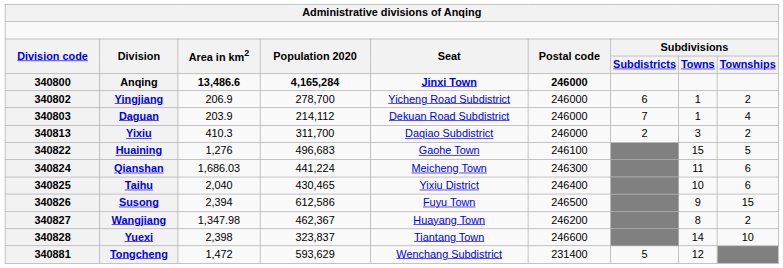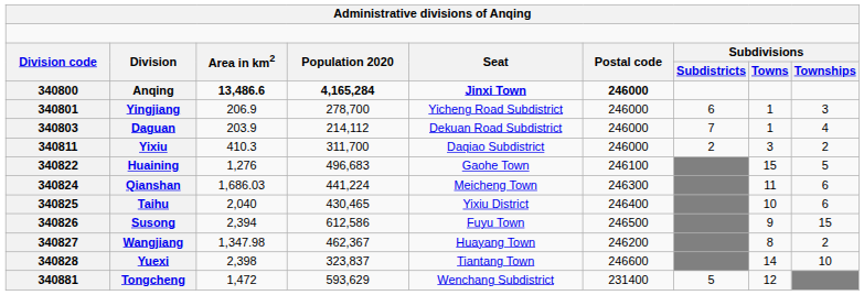 <table class="wikitable" style="margin:1em auto 1em auto; width:90%; text-align:center">
 <tr>
 <th colspan="14"><strong>Administrative divisions of Anqing</strong></th>
 </tr>
 <tr>
 <td colspan="14"><div><br>            </div></td>
 </tr>
 <tr>
 <th ! scope="col" rowspan=2><a href='#'>Division code</a></th>
 <th ! scope="col" rowspan=2>Division</th>
 <th ! scope="col" rowspan=2>Area in km<sup>2</sup></th>
 <th ! scope="col" rowspan=2>Population 2020</th>
 <th ! scope="col" rowspan=2>Seat</th>
 <th ! scope="col" rowspan=2>Postal code</th>
 <th ! scope="col" colspan=6>Subdivisions</th>
 </tr>
 <tr>
 <th ! scope="col" style="width:45px;"><a href='#'>Subdistricts</a></th>
 <th ! scope="col" style="width:45px;"><a href='#'>Towns</a></th>
 <th ! scope="col" style="width:45px;"><a href='#'>Townships</a><br></th>
 </tr>
 <tr style="font-weight: bold">
 <th>340800</th>
 <th>Anqing</th>
 <td>13,486.6</td>
 <td>4,165,284</td>
 <td><a href='#'>Jinxi Town</a></td>
 <td>246000</td>
 <td></td>
 <td></td>
 <td></td>
 </tr>
 <tr>
-<th>340802</th>
+<th>340801</th>
 <th><a href='#'>Yingjiang</a></th>
 <td>206.9</td>
 <td>278,700</td>
 <td><a href='#'>Yicheng Road Subdistrict</a></td>
 <td>246000</td>
 <td>6</td>
 <td>1</td>
-<td>2</td>
+<td>3</td>
 </tr>
 <tr>
 <th>340803</th>
 <th><a href='#'>Daguan</a></th>
 <td>203.9</td>
 <td>214,112</td>
 <td><a href='#'>Dekuan Road Subdistrict</a></td>
 <td>246000</td>
 <td>7</td>
 <td>1</td>
 <td>4</td>
 </tr>
 <tr>
-<th>340813</th>
+<th>340811</th>
 <th><a href='#'>Yixiu</a></th>
 <td>410.3</td>
 <td>311,700</td>
 <td><a href='#'>Daqiao Subdistrict</a></td>
 <td>246000</td>
 <td>2</td>
 <td>3</td>
 <td>2</td>
 </tr>
 <tr>
 <th>340822</th>
 <th><a href='#'>Huaining</a></th>
 <td>1,276</td>
 <td>496,683</td>
 <td><a href='#'>Gaohe Town</a></td>
 <td>246100</td>
 <td style="background:gray;"> </td>
 <td>15</td>
 <td>5</td>
 </tr>
 <tr>
 <th>340824</th>
 <th><a href='#'>Qianshan</a></th>
 <td>1,686.03</td>
 <td>441,224</td>
 <td><a href='#'>Meicheng Town</a></td>
 <td>246300</td>
 <td style="background:gray;"> </td>
 <td>11</td>
 <td>6</td>
 </tr>
 <tr>
 <th>340825</th>
 <th><a href='#'>Taihu</a></th>
 <td>2,040</td>
 <td>430,465</td>
 <td><a href='#'>Yixiu District</a></td>
 <td>246400</td>
 <td style="background:gray;"> </td>
 <td>10</td>
 <td>6</td>
 </tr>
 <tr>
 <th>340826</th>
 <th><a href='#'>Susong</a></th>
 <td>2,394</td>
 <td>612,586</td>
 <td><a href='#'>Fuyu Town</a></td>
 <td>246500</td>
 <td style="background:gray;"> </td>
 <td>9</td>
 <td>15</td>
 </tr>
 <tr>
 <th>340827</th>
 <th><a href='#'>Wangjiang</a></th>
 <td>1,347.98</td>
 <td>462,367</td>
 <td><a href='#'>Huayang Town</a></td>
 <td>246200</td>
 <td style="background:gray;"> </td>
 <td>8</td>
 <td>2</td>
 </tr>
 <tr>
 <th>340828</th>
 <th><a href='#'>Yuexi</a></th>
 <td>2,398</td>
 <td>323,837</td>
 <td><a href='#'>Tiantang Town</a></td>
 <td>246600</td>
 <td style="background:gray;"> </td>
 <td>14</td>
 <td>10</td>
 </tr>
 <tr>
 <th>340881</th>
 <th><a href='#'>Tongcheng</a></th>
 <td>1,472</td>
 <td>593,629</td>
 <td><a href='#'>Wenchang Subdistrict</a></td>
 <td>231400</td>
 <td>5</td>
 <td>12</td>
 <td style="background:gray;"> </td>
 </tr>
 </table>
